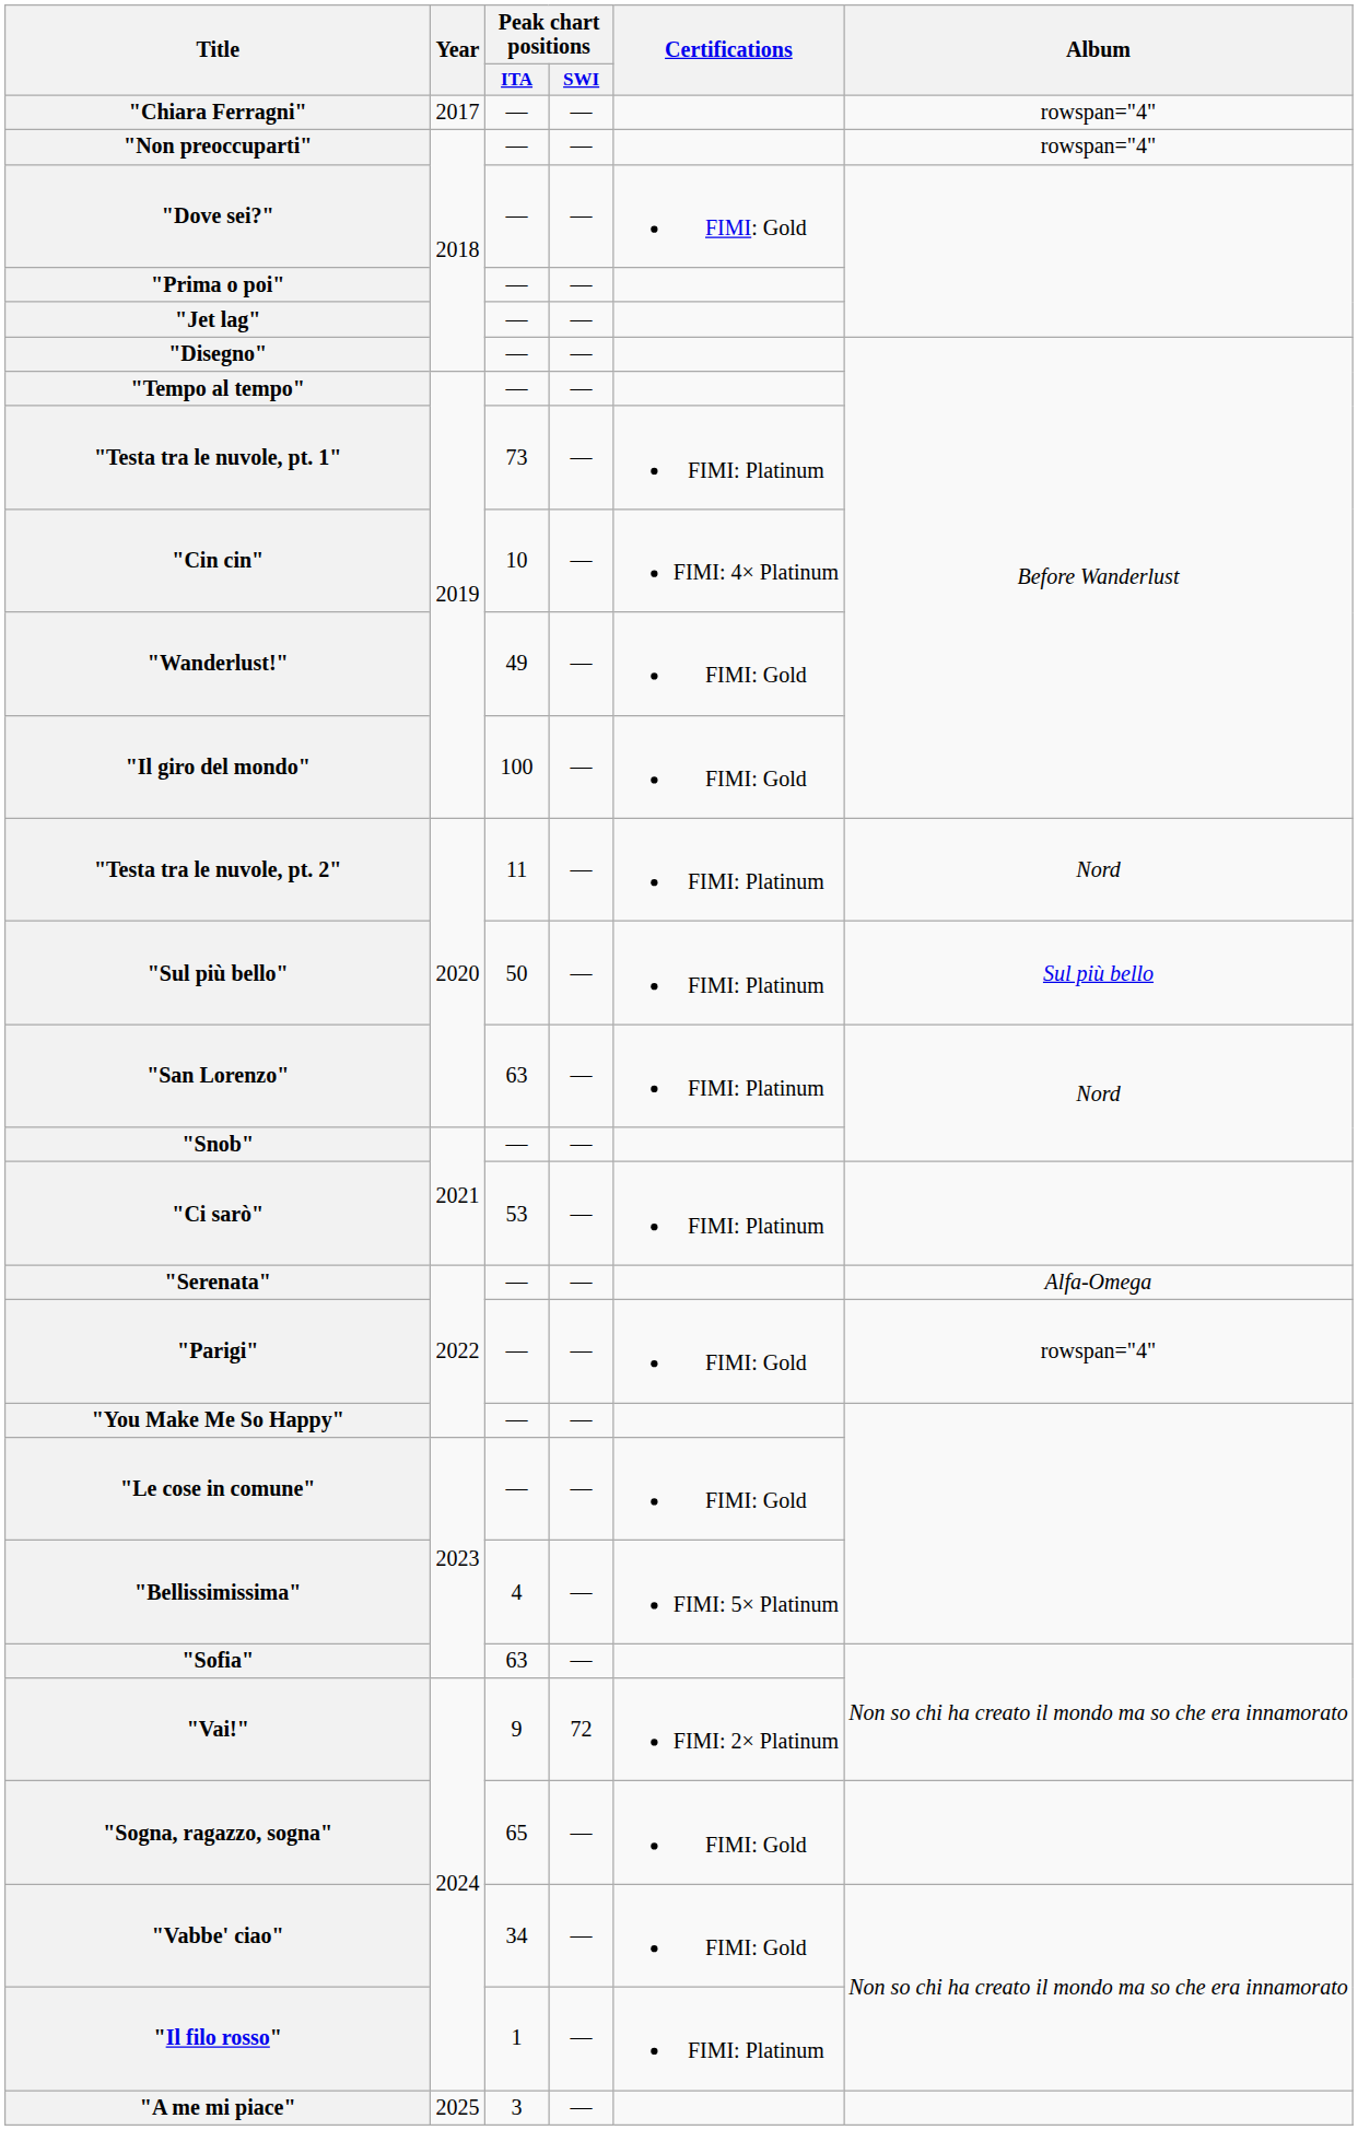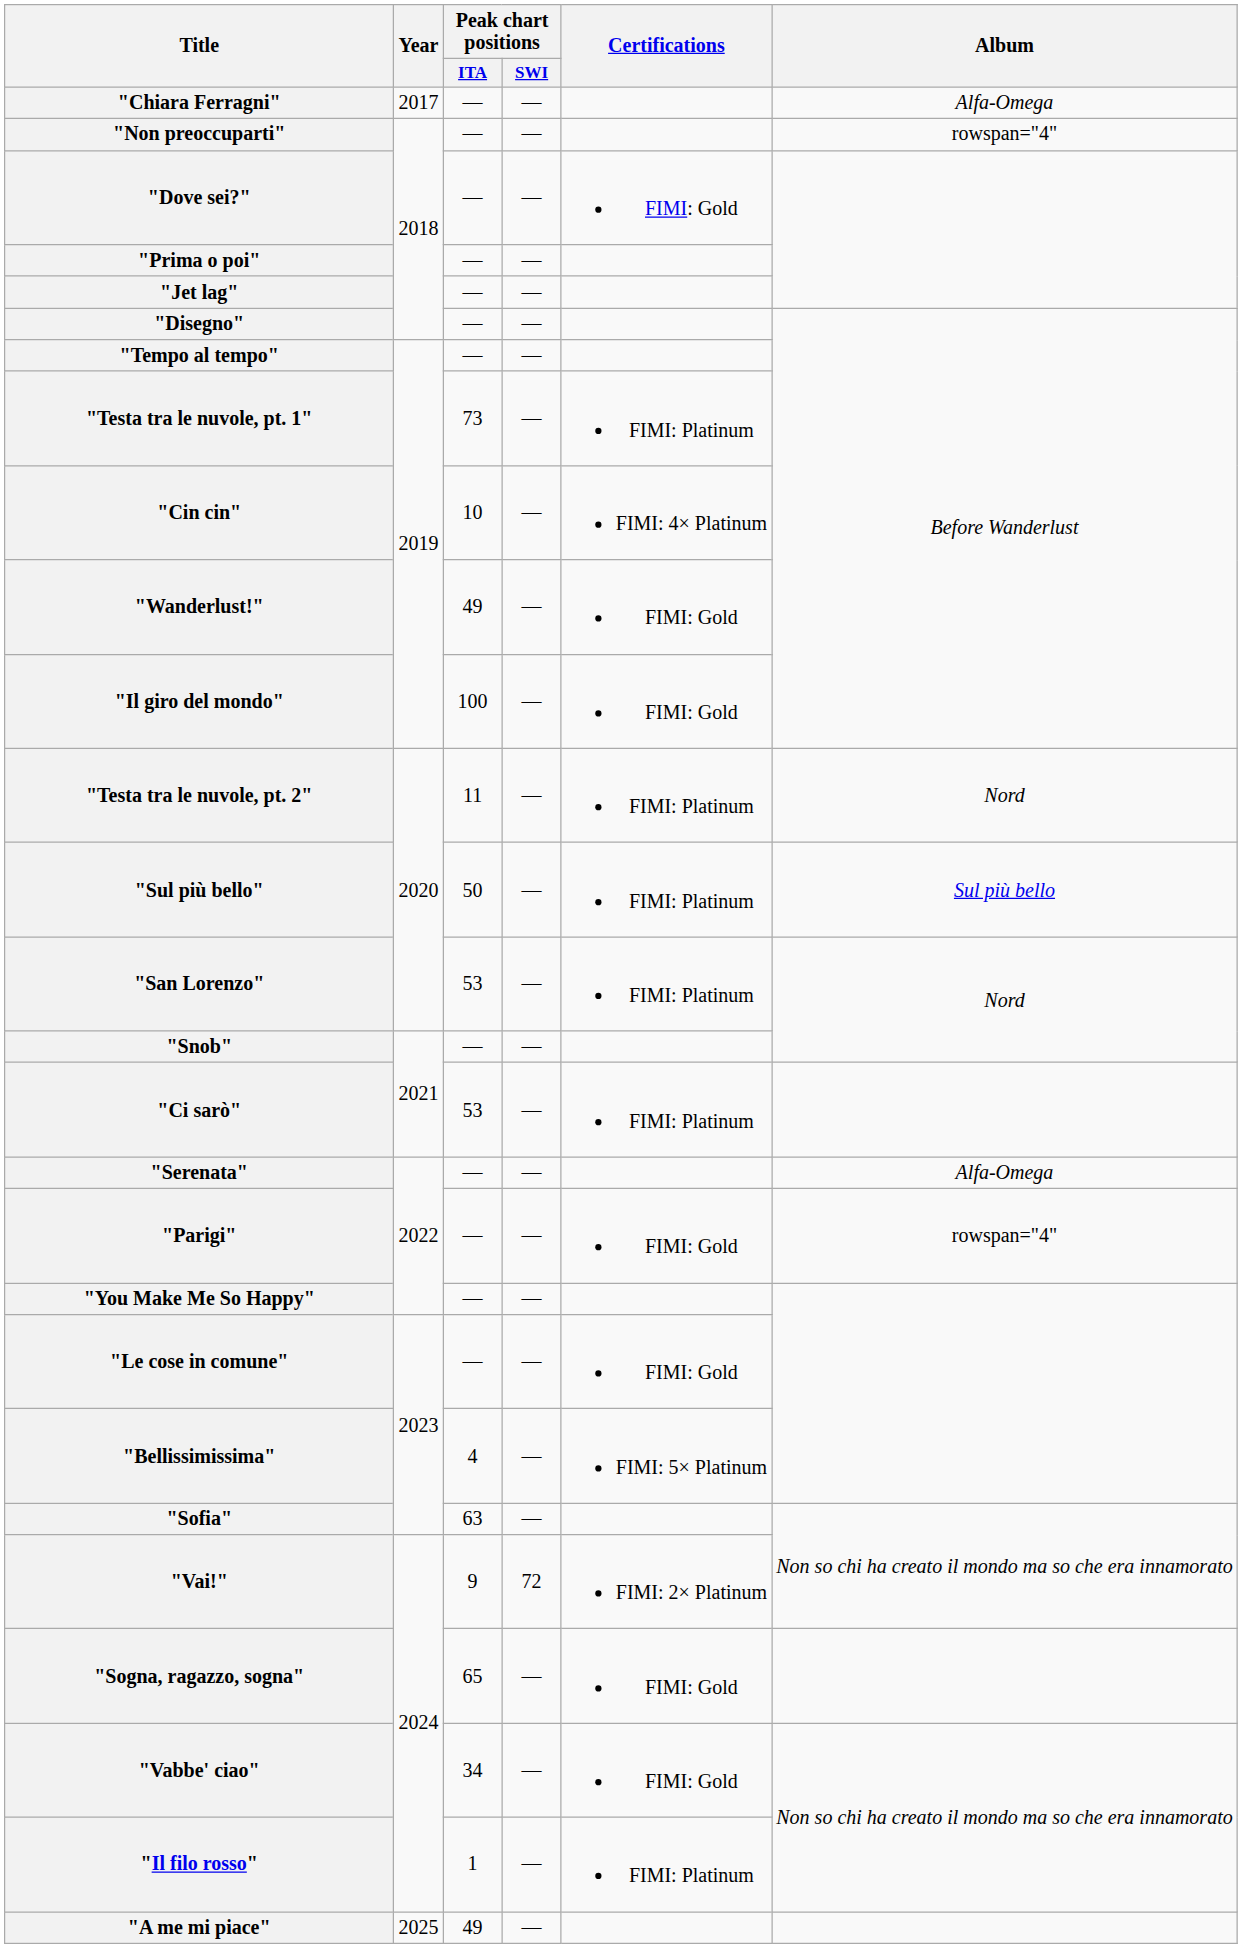 <table class="wikitable plainrowheaders" style="text-align:center;">
 <tr>
 <th scope="col" rowspan="2" style="width:19em;">Title</th>
 <th scope="col" rowspan="2" style="width:1em;">Year</th>
 <th scope="col" colspan="2">Peak chart positions</th>
 <th scope="col" rowspan="2"><a href='#'>Certifications</a></th>
 <th scope="col" rowspan="2">Album</th>
 </tr>
 <tr>
 <th scope="col" style="width:3em;font-size:85%;"><a href='#'>ITA</a><br></th>
 <th scope="col" style="width:3em;font-size:85%;"><a href='#'>SWI</a><br></th>
 </tr>
 <tr>
 <th scope="row">"Chiara Ferragni"<br></th>
 <td>2017</td>
 <td>—</td>
 <td>—</td>
 <td></td>
-<td>rowspan="4" </td>
+<td><em>Alfa-Omega</em></td>
 </tr>
 <tr>
 <th scope="row">"Non preoccuparti"</th>
 <td rowspan="5">2018</td>
 <td>—</td>
 <td>—</td>
 <td></td>
 <td>rowspan="4" </td>
 </tr>
 <tr>
 <th scope="row">"Dove sei?"</th>
 <td>—</td>
 <td>—</td>
 <td><br><ul><li><a href='#'>FIMI</a>: Gold</li></ul></td>
 </tr>
 <tr>
 <th scope="row">"Prima o poi"<br></th>
 <td>—</td>
 <td>—</td>
 <td></td>
 </tr>
 <tr>
 <th scope="row">"Jet lag"</th>
 <td>—</td>
 <td>—</td>
 <td></td>
 </tr>
 <tr>
 <th scope="row">"Disegno"</th>
 <td>—</td>
 <td>—</td>
 <td></td>
 <td rowspan="6"><em>Before Wanderlust</em></td>
 </tr>
 <tr>
 <th scope="row">"Tempo al tempo"</th>
 <td rowspan="5">2019</td>
 <td>—</td>
 <td>—</td>
 <td></td>
 </tr>
 <tr>
 <th scope="row">"Testa tra le nuvole, pt. 1"</th>
 <td>73</td>
 <td>—</td>
 <td><br><ul><li>FIMI: Platinum</li></ul></td>
 </tr>
 <tr>
 <th scope="row">"Cin cin"</th>
 <td>10</td>
 <td>—</td>
 <td><br><ul><li>FIMI: 4× Platinum</li></ul></td>
 </tr>
 <tr>
 <th scope="row">"Wanderlust!"</th>
 <td>49</td>
 <td>—</td>
 <td><br><ul><li>FIMI: Gold</li></ul></td>
 </tr>
 <tr>
 <th scope="row">"Il giro del mondo"</th>
 <td>100</td>
 <td>—</td>
 <td><br><ul><li>FIMI: Gold</li></ul></td>
 </tr>
 <tr>
 <th scope="row">"Testa tra le nuvole, pt. 2"</th>
 <td rowspan="3">2020</td>
 <td>11</td>
 <td>—</td>
 <td><br><ul><li>FIMI: Platinum</li></ul></td>
 <td><em>Nord</em></td>
 </tr>
 <tr>
 <th scope="row">"Sul più bello"</th>
 <td>50</td>
 <td>—</td>
 <td><br><ul><li>FIMI: Platinum</li></ul></td>
 <td><em><a href='#'>Sul più bello</a></em></td>
 </tr>
 <tr>
 <th scope="row">"San Lorenzo"<br></th>
-<td>63</td>
+<td>53</td>
 <td>—</td>
 <td><br><ul><li>FIMI: Platinum</li></ul></td>
 <td rowspan="2"><em>Nord</em></td>
 </tr>
 <tr>
 <th scope="row">"Snob"<br></th>
 <td rowspan="2">2021</td>
 <td>—</td>
 <td>—</td>
 <td></td>
 </tr>
 <tr>
 <th scope="row">"Ci sarò"</th>
 <td>53</td>
 <td>—</td>
 <td><br><ul><li>FIMI: Platinum</li></ul></td>
 <td></td>
 </tr>
 <tr>
 <th scope="row">"Serenata"</th>
 <td rowspan="3">2022</td>
 <td>—</td>
 <td>—</td>
 <td></td>
 <td><em>Alfa-Omega</em></td>
 </tr>
 <tr>
 <th scope="row">"Parigi"</th>
 <td>—</td>
 <td>—</td>
 <td><br><ul><li>FIMI: Gold</li></ul></td>
 <td>rowspan="4" </td>
 </tr>
 <tr>
 <th scope="row">"You Make Me So Happy"</th>
 <td>—</td>
 <td>—</td>
 <td></td>
 </tr>
 <tr>
 <th scope="row">"Le cose in comune"</th>
 <td rowspan="3">2023</td>
 <td>—</td>
 <td>—</td>
 <td><br><ul><li>FIMI: Gold</li></ul></td>
 </tr>
 <tr>
 <th scope="row">"Bellissimissima"</th>
 <td>4</td>
 <td>—</td>
 <td><br><ul><li>FIMI: 5× Platinum</li></ul></td>
 </tr>
 <tr>
 <th scope="row">"Sofia"</th>
 <td>63</td>
 <td>—</td>
 <td></td>
 <td rowspan="2"><em>Non so chi ha creato il mondo ma so che era innamorato</em></td>
 </tr>
 <tr>
 <th scope="row">"Vai!"</th>
 <td rowspan="4">2024</td>
 <td>9</td>
 <td>72</td>
 <td><br><ul><li>FIMI: 2× Platinum</li></ul></td>
 </tr>
 <tr>
 <th scope="row">"Sogna, ragazzo, sogna"<br></th>
 <td>65</td>
 <td>—</td>
 <td><br><ul><li>FIMI: Gold</li></ul></td>
 <td></td>
 </tr>
 <tr>
 <th scope="row">"Vabbe' ciao"</th>
 <td>34</td>
 <td>—</td>
 <td><br><ul><li>FIMI: Gold</li></ul></td>
 <td rowspan="2"><em>Non so chi ha creato il mondo ma so che era innamorato</em></td>
 </tr>
 <tr>
 <th scope="row">"<a href='#'>Il filo rosso</a>"</th>
 <td>1<br></td>
 <td>—</td>
 <td><br><ul><li>FIMI: Platinum</li></ul></td>
 </tr>
 <tr>
 <th scope="row">"A me mi piace"<br></th>
 <td>2025</td>
-<td>3<br></td>
+<td>49</td>
 <td>—</td>
 <td></td>
 <td></td>
 </tr>
 </table>
